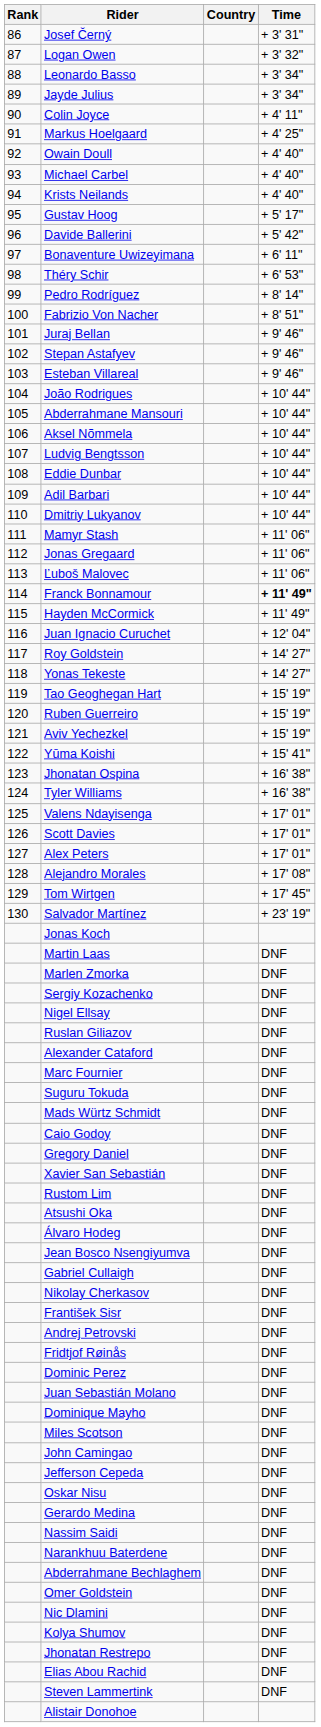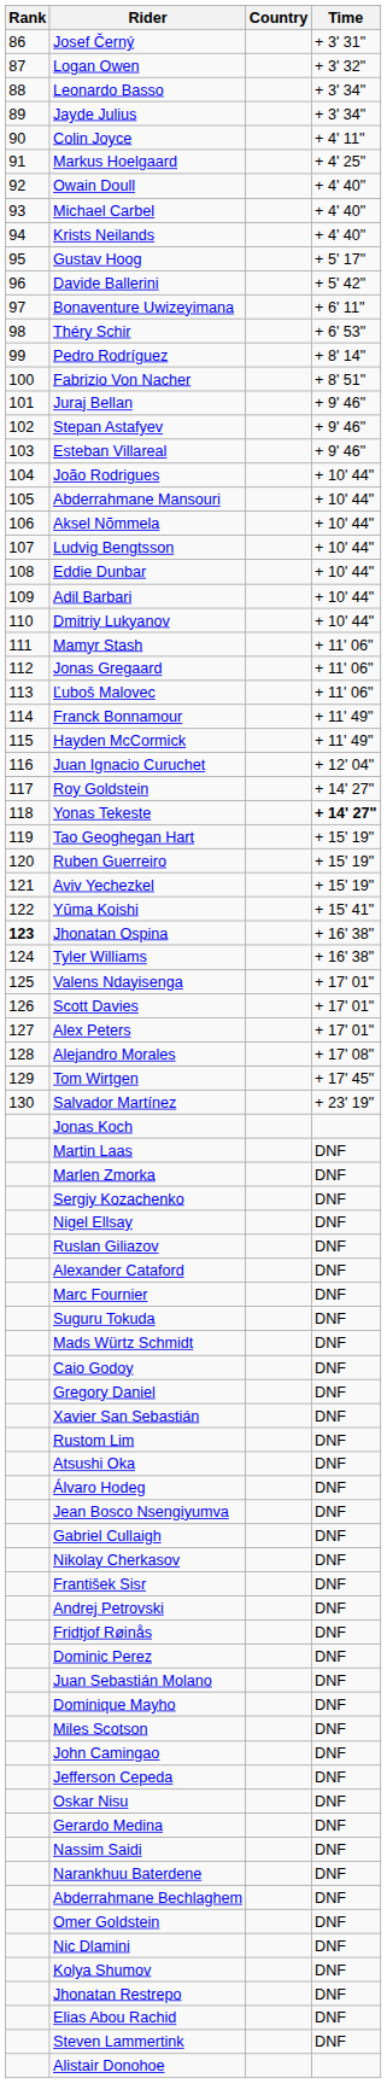 <table class="wikitable" style="font-size:95%; text-align:left;">
 <tr>
 <th>Rank</th>
 <th>Rider</th>
 <th>Country</th>
 <th>Time</th>
 </tr>
 <tr>
 <td>86</td>
 <td><a href='#'>Josef Černý</a></td>
 <td></td>
 <td>+ 3' 31"</td>
 </tr>
 <tr>
 <td>87</td>
 <td><a href='#'>Logan Owen</a></td>
 <td></td>
 <td>+ 3' 32"</td>
 </tr>
 <tr>
 <td>88</td>
 <td><a href='#'>Leonardo Basso</a></td>
 <td></td>
 <td>+ 3' 34"</td>
 </tr>
 <tr>
 <td>89</td>
 <td><a href='#'>Jayde Julius</a></td>
 <td></td>
 <td>+ 3' 34"</td>
 </tr>
 <tr>
 <td>90</td>
 <td><a href='#'>Colin Joyce</a></td>
 <td></td>
 <td>+ 4' 11"</td>
 </tr>
 <tr>
 <td>91</td>
 <td><a href='#'>Markus Hoelgaard</a></td>
 <td></td>
 <td>+ 4' 25"</td>
 </tr>
 <tr>
 <td>92</td>
 <td><a href='#'>Owain Doull</a></td>
 <td></td>
 <td>+ 4' 40"</td>
 </tr>
 <tr>
 <td>93</td>
 <td><a href='#'>Michael Carbel</a></td>
 <td></td>
 <td>+ 4' 40"</td>
 </tr>
 <tr>
 <td>94</td>
 <td><a href='#'>Krists Neilands</a></td>
 <td></td>
 <td>+ 4' 40"</td>
 </tr>
 <tr>
 <td>95</td>
 <td><a href='#'>Gustav Hoog</a></td>
 <td></td>
 <td>+ 5' 17"</td>
 </tr>
 <tr>
 <td>96</td>
 <td><a href='#'>Davide Ballerini</a></td>
 <td></td>
 <td>+ 5' 42"</td>
 </tr>
 <tr>
 <td>97</td>
 <td><a href='#'>Bonaventure Uwizeyimana</a></td>
 <td></td>
 <td>+ 6' 11"</td>
 </tr>
 <tr>
 <td>98</td>
 <td><a href='#'>Théry Schir</a></td>
 <td></td>
 <td>+ 6' 53"</td>
 </tr>
 <tr>
 <td>99</td>
 <td><a href='#'>Pedro Rodríguez</a></td>
 <td></td>
 <td>+ 8' 14"</td>
 </tr>
 <tr>
 <td>100</td>
 <td><a href='#'>Fabrizio Von Nacher</a></td>
 <td></td>
 <td>+ 8' 51"</td>
 </tr>
 <tr>
 <td>101</td>
 <td><a href='#'>Juraj Bellan</a></td>
 <td></td>
 <td>+ 9' 46"</td>
 </tr>
 <tr>
 <td>102</td>
 <td><a href='#'>Stepan Astafyev</a></td>
 <td></td>
 <td>+ 9' 46"</td>
 </tr>
 <tr>
 <td>103</td>
 <td><a href='#'>Esteban Villareal</a></td>
 <td></td>
 <td>+ 9' 46"</td>
 </tr>
 <tr>
 <td>104</td>
 <td><a href='#'>João Rodrigues</a></td>
 <td></td>
 <td>+ 10' 44"</td>
 </tr>
 <tr>
 <td>105</td>
 <td><a href='#'>Abderrahmane Mansouri</a></td>
 <td></td>
 <td>+ 10' 44"</td>
 </tr>
 <tr>
 <td>106</td>
 <td><a href='#'>Aksel Nõmmela</a></td>
 <td></td>
 <td>+ 10' 44"</td>
 </tr>
 <tr>
 <td>107</td>
 <td><a href='#'>Ludvig Bengtsson</a></td>
 <td></td>
 <td>+ 10' 44"</td>
 </tr>
 <tr>
 <td>108</td>
 <td><a href='#'>Eddie Dunbar</a></td>
 <td></td>
 <td>+ 10' 44"</td>
 </tr>
 <tr>
 <td>109</td>
 <td><a href='#'>Adil Barbari</a></td>
 <td></td>
 <td>+ 10' 44"</td>
 </tr>
 <tr>
 <td>110</td>
 <td><a href='#'>Dmitriy Lukyanov</a></td>
 <td></td>
 <td>+ 10' 44"</td>
 </tr>
 <tr>
 <td>111</td>
 <td><a href='#'>Mamyr Stash</a></td>
 <td></td>
 <td>+ 11' 06"</td>
 </tr>
 <tr>
 <td>112</td>
 <td><a href='#'>Jonas Gregaard</a></td>
 <td></td>
 <td>+ 11' 06"</td>
 </tr>
 <tr>
 <td>113</td>
 <td><a href='#'>Ľuboš Malovec</a></td>
 <td></td>
 <td>+ 11' 06"</td>
 </tr>
 <tr>
 <td>114</td>
 <td><a href='#'>Franck Bonnamour</a></td>
 <td></td>
-<td><strong>+ 11' 49"</strong></td>
+<td>+ 11' 49"</td>
 </tr>
 <tr>
 <td>115</td>
 <td><a href='#'>Hayden McCormick</a></td>
 <td></td>
 <td>+ 11' 49"</td>
 </tr>
 <tr>
 <td>116</td>
 <td><a href='#'>Juan Ignacio Curuchet</a></td>
 <td></td>
 <td>+ 12' 04"</td>
 </tr>
 <tr>
 <td>117</td>
 <td><a href='#'>Roy Goldstein</a></td>
 <td></td>
 <td>+ 14' 27"</td>
 </tr>
 <tr>
 <td>118</td>
 <td><a href='#'>Yonas Tekeste</a></td>
 <td></td>
-<td>+ 14' 27"</td>
+<td><strong>+ 14' 27"</strong></td>
 </tr>
 <tr>
 <td>119</td>
 <td><a href='#'>Tao Geoghegan Hart</a></td>
 <td></td>
 <td>+ 15' 19"</td>
 </tr>
 <tr>
 <td>120</td>
 <td><a href='#'>Ruben Guerreiro</a></td>
 <td></td>
 <td>+ 15' 19"</td>
 </tr>
 <tr>
 <td>121</td>
 <td><a href='#'>Aviv Yechezkel</a></td>
 <td></td>
 <td>+ 15' 19"</td>
 </tr>
 <tr>
 <td>122</td>
 <td><a href='#'>Yūma Koishi</a></td>
 <td></td>
 <td>+ 15' 41"</td>
 </tr>
 <tr>
-<td>123</td>
+<td><strong>123</strong></td>
 <td><a href='#'>Jhonatan Ospina</a></td>
 <td></td>
 <td>+ 16' 38"</td>
 </tr>
 <tr>
 <td>124</td>
 <td><a href='#'>Tyler Williams</a></td>
 <td></td>
 <td>+ 16' 38"</td>
 </tr>
 <tr>
 <td>125</td>
 <td><a href='#'>Valens Ndayisenga</a></td>
 <td></td>
 <td>+ 17' 01"</td>
 </tr>
 <tr>
 <td>126</td>
 <td><a href='#'>Scott Davies</a></td>
 <td></td>
 <td>+ 17' 01"</td>
 </tr>
 <tr>
 <td>127</td>
 <td><a href='#'>Alex Peters</a></td>
 <td></td>
 <td>+ 17' 01"</td>
 </tr>
 <tr>
 <td>128</td>
 <td><a href='#'>Alejandro Morales</a></td>
 <td></td>
 <td>+ 17' 08"</td>
 </tr>
 <tr>
 <td>129</td>
 <td><a href='#'>Tom Wirtgen</a></td>
 <td></td>
 <td>+ 17' 45"</td>
 </tr>
 <tr>
 <td>130</td>
 <td><a href='#'>Salvador Martínez</a></td>
 <td></td>
 <td>+ 23' 19"</td>
 </tr>
 <tr>
 <td></td>
 <td><a href='#'>Jonas Koch</a></td>
 <td></td>
 <td></td>
 </tr>
 <tr>
 <td></td>
 <td><a href='#'>Martin Laas</a></td>
 <td></td>
 <td>DNF</td>
 </tr>
 <tr>
 <td></td>
 <td><a href='#'>Marlen Zmorka</a></td>
 <td></td>
 <td>DNF</td>
 </tr>
 <tr>
 <td></td>
 <td><a href='#'>Sergiy Kozachenko</a></td>
 <td></td>
 <td>DNF</td>
 </tr>
 <tr>
 <td></td>
 <td><a href='#'>Nigel Ellsay</a></td>
 <td></td>
 <td>DNF</td>
 </tr>
 <tr>
 <td></td>
 <td><a href='#'>Ruslan Giliazov</a></td>
 <td></td>
 <td>DNF</td>
 </tr>
 <tr>
 <td></td>
 <td><a href='#'>Alexander Cataford</a></td>
 <td></td>
 <td>DNF</td>
 </tr>
 <tr>
 <td></td>
 <td><a href='#'>Marc Fournier</a></td>
 <td></td>
 <td>DNF</td>
 </tr>
 <tr>
 <td></td>
 <td><a href='#'>Suguru Tokuda</a></td>
 <td></td>
 <td>DNF</td>
 </tr>
 <tr>
 <td></td>
 <td><a href='#'>Mads Würtz Schmidt</a></td>
 <td></td>
 <td>DNF</td>
 </tr>
 <tr>
 <td></td>
 <td><a href='#'>Caio Godoy</a></td>
 <td></td>
 <td>DNF</td>
 </tr>
 <tr>
 <td></td>
 <td><a href='#'>Gregory Daniel</a></td>
 <td></td>
 <td>DNF</td>
 </tr>
 <tr>
 <td></td>
 <td><a href='#'>Xavier San Sebastián</a></td>
 <td></td>
 <td>DNF</td>
 </tr>
 <tr>
 <td></td>
 <td><a href='#'>Rustom Lim</a></td>
 <td></td>
 <td>DNF</td>
 </tr>
 <tr>
 <td></td>
 <td><a href='#'>Atsushi Oka</a></td>
 <td></td>
 <td>DNF</td>
 </tr>
 <tr>
 <td></td>
 <td><a href='#'>Álvaro Hodeg</a></td>
 <td></td>
 <td>DNF</td>
 </tr>
 <tr>
 <td></td>
 <td><a href='#'>Jean Bosco Nsengiyumva</a></td>
 <td></td>
 <td>DNF</td>
 </tr>
 <tr>
 <td></td>
 <td><a href='#'>Gabriel Cullaigh</a></td>
 <td></td>
 <td>DNF</td>
 </tr>
 <tr>
 <td></td>
 <td><a href='#'>Nikolay Cherkasov</a></td>
 <td></td>
 <td>DNF</td>
 </tr>
 <tr>
 <td></td>
 <td><a href='#'>František Sisr</a></td>
 <td></td>
 <td>DNF</td>
 </tr>
 <tr>
 <td></td>
 <td><a href='#'>Andrej Petrovski</a></td>
 <td></td>
 <td>DNF</td>
 </tr>
 <tr>
 <td></td>
 <td><a href='#'>Fridtjof Røinås</a></td>
 <td></td>
 <td>DNF</td>
 </tr>
 <tr>
 <td></td>
 <td><a href='#'>Dominic Perez</a></td>
 <td></td>
 <td>DNF</td>
 </tr>
 <tr>
 <td></td>
 <td><a href='#'>Juan Sebastián Molano</a></td>
 <td></td>
 <td>DNF</td>
 </tr>
 <tr>
 <td></td>
 <td><a href='#'>Dominique Mayho</a></td>
 <td></td>
 <td>DNF</td>
 </tr>
 <tr>
 <td></td>
 <td><a href='#'>Miles Scotson</a></td>
 <td></td>
 <td>DNF</td>
 </tr>
 <tr>
 <td></td>
 <td><a href='#'>John Camingao</a></td>
 <td></td>
 <td>DNF</td>
 </tr>
 <tr>
 <td></td>
 <td><a href='#'>Jefferson Cepeda</a></td>
 <td></td>
 <td>DNF</td>
 </tr>
 <tr>
 <td></td>
 <td><a href='#'>Oskar Nisu</a></td>
 <td></td>
 <td>DNF</td>
 </tr>
 <tr>
 <td></td>
 <td><a href='#'>Gerardo Medina</a></td>
 <td></td>
 <td>DNF</td>
 </tr>
 <tr>
 <td></td>
 <td><a href='#'>Nassim Saidi</a></td>
 <td></td>
 <td>DNF</td>
 </tr>
 <tr>
 <td></td>
 <td><a href='#'>Narankhuu Baterdene</a></td>
 <td></td>
 <td>DNF</td>
 </tr>
 <tr>
 <td></td>
 <td><a href='#'>Abderrahmane Bechlaghem</a></td>
 <td></td>
 <td>DNF</td>
 </tr>
 <tr>
 <td></td>
 <td><a href='#'>Omer Goldstein</a></td>
 <td></td>
 <td>DNF</td>
 </tr>
 <tr>
 <td></td>
 <td><a href='#'>Nic Dlamini</a></td>
 <td></td>
 <td>DNF</td>
 </tr>
 <tr>
 <td></td>
 <td><a href='#'>Kolya Shumov</a></td>
 <td></td>
 <td>DNF</td>
 </tr>
 <tr>
 <td></td>
 <td><a href='#'>Jhonatan Restrepo</a></td>
 <td></td>
 <td>DNF</td>
 </tr>
 <tr>
 <td></td>
 <td><a href='#'>Elias Abou Rachid</a></td>
 <td></td>
 <td>DNF</td>
 </tr>
 <tr>
 <td></td>
 <td><a href='#'>Steven Lammertink</a></td>
 <td></td>
 <td>DNF</td>
 </tr>
 <tr>
 <td></td>
 <td><a href='#'>Alistair Donohoe</a></td>
 <td></td>
 <td></td>
 </tr>
 </table>
